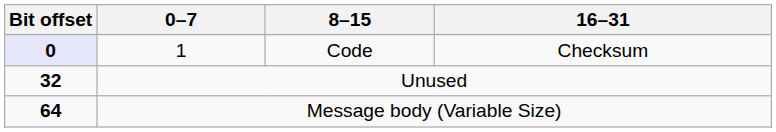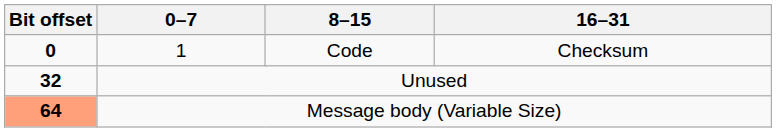 <table class="wikitable" style="text-align:center">
 <tr>
 <th>Bit offset</th>
 <th colspan="8" width="22%">0–7</th>
 <th colspan="8" width="22%">8–15</th>
 <th colspan="16" width="44%">16–31</th>
 </tr>
 <tr>
-<td style="background: lavender;"><strong>0</strong></td>
+<td><strong>0</strong></td>
 <td colspan="8">1</td>
 <td colspan="8">Code</td>
 <td colspan="16">Checksum</td>
 </tr>
 <tr>
 <td><strong>32</strong></td>
 <td colspan="32">Unused</td>
 </tr>
 <tr>
-<td><strong>64</strong></td>
+<td style="background: lightsalmon;"><strong>64</strong></td>
 <td colspan="32">Message body (Variable Size)</td>
 </tr>
 </table>
